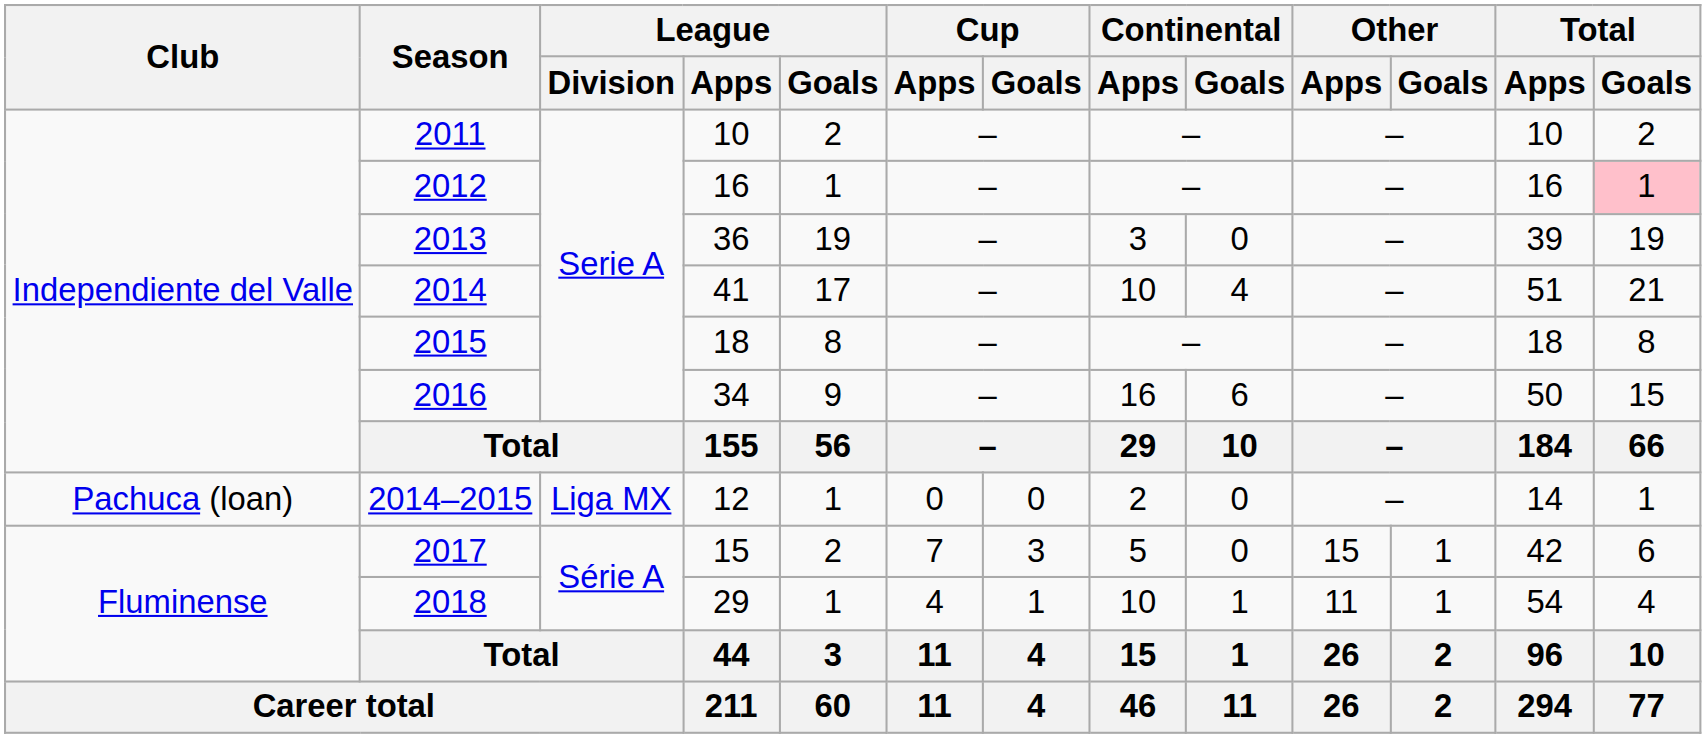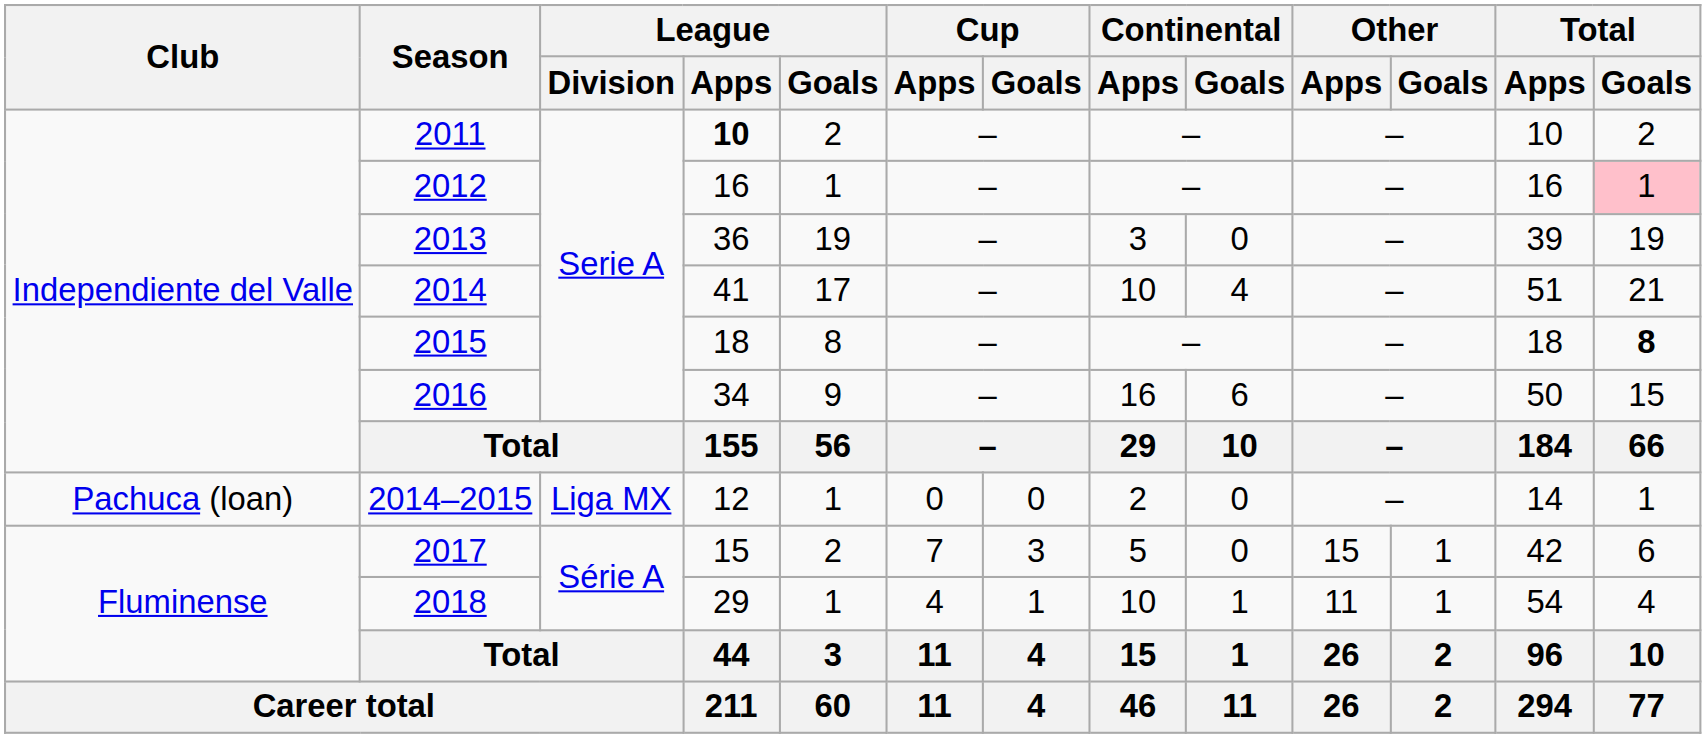 <table class="wikitable" style="text-align: center;">
 <tr>
 <th rowspan="2">Club</th>
 <th rowspan="2">Season</th>
 <th colspan="3">League</th>
 <th colspan="2">Cup</th>
 <th colspan="2">Continental</th>
 <th colspan="2">Other</th>
 <th colspan="2">Total</th>
 </tr>
 <tr>
 <th>Division</th>
 <th>Apps</th>
 <th>Goals</th>
 <th>Apps</th>
 <th>Goals</th>
 <th>Apps</th>
 <th>Goals</th>
 <th>Apps</th>
 <th>Goals</th>
 <th>Apps</th>
 <th>Goals</th>
 </tr>
 <tr>
 <td rowspan="7"><a href='#'>Independiente del Valle</a></td>
 <td><a href='#'>2011</a></td>
 <td rowspan="6"><a href='#'>Serie A</a></td>
-<td>10</td>
+<td><strong>10</strong></td>
 <td>2</td>
 <td colspan="2">–</td>
 <td colspan="2">–</td>
 <td colspan="2">–</td>
 <td>10</td>
 <td>2</td>
 </tr>
 <tr>
 <td><a href='#'>2012</a></td>
 <td>16</td>
 <td>1</td>
 <td colspan="2">–</td>
 <td colspan="2">–</td>
 <td colspan="2">–</td>
 <td>16</td>
 <td style="background: pink;">1</td>
 </tr>
 <tr>
 <td><a href='#'>2013</a></td>
 <td>36</td>
 <td>19</td>
 <td colspan="2">–</td>
 <td>3</td>
 <td>0</td>
 <td colspan="2">–</td>
 <td>39</td>
 <td>19</td>
 </tr>
 <tr>
 <td><a href='#'>2014</a></td>
 <td>41</td>
 <td>17</td>
 <td colspan="2">–</td>
 <td>10</td>
 <td>4</td>
 <td colspan="2">–</td>
 <td>51</td>
 <td>21</td>
 </tr>
 <tr>
 <td><a href='#'>2015</a></td>
 <td>18</td>
 <td>8</td>
 <td colspan="2">–</td>
 <td colspan="2">–</td>
 <td colspan="2">–</td>
 <td>18</td>
-<td>8</td>
+<td><strong>8</strong></td>
 </tr>
 <tr>
 <td><a href='#'>2016</a></td>
 <td>34</td>
 <td>9</td>
 <td colspan="2">–</td>
 <td>16</td>
 <td>6</td>
 <td colspan="2">–</td>
 <td>50</td>
 <td>15</td>
 </tr>
 <tr>
 <th colspan="2">Total</th>
 <th>155</th>
 <th>56</th>
 <th colspan="2">–</th>
 <th>29</th>
 <th>10</th>
 <th colspan="2">–</th>
 <th>184</th>
 <th>66</th>
 </tr>
 <tr>
 <td rowspan="1"><a href='#'>Pachuca</a> (loan)</td>
 <td><a href='#'>2014–2015</a></td>
 <td><a href='#'>Liga MX</a></td>
 <td>12</td>
 <td>1</td>
 <td>0</td>
 <td>0</td>
 <td>2</td>
 <td>0</td>
 <td colspan="2">–</td>
 <td>14</td>
 <td>1</td>
 </tr>
 <tr>
 <td rowspan="3"><a href='#'>Fluminense</a></td>
 <td><a href='#'>2017</a></td>
 <td rowspan="2"><a href='#'>Série A</a></td>
 <td>15</td>
 <td>2</td>
 <td>7</td>
 <td>3</td>
 <td>5</td>
 <td>0</td>
 <td>15</td>
 <td>1</td>
 <td>42</td>
 <td>6</td>
 </tr>
 <tr>
 <td><a href='#'>2018</a></td>
 <td>29</td>
 <td>1</td>
 <td>4</td>
 <td>1</td>
 <td>10</td>
 <td>1</td>
 <td>11</td>
 <td>1</td>
 <td>54</td>
 <td>4</td>
 </tr>
 <tr>
 <th colspan="2">Total</th>
 <th>44</th>
 <th>3</th>
 <th>11</th>
 <th>4</th>
 <th>15</th>
 <th>1</th>
 <th>26</th>
 <th>2</th>
 <th>96</th>
 <th>10</th>
 </tr>
 <tr>
 <th colspan="3">Career total</th>
 <th>211</th>
 <th>60</th>
 <th>11</th>
 <th>4</th>
 <th>46</th>
 <th>11</th>
 <th>26</th>
 <th>2</th>
 <th>294</th>
 <th>77</th>
 </tr>
 </table>
